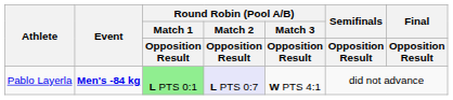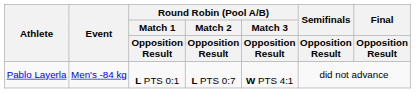 <table class="wikitable" border="1" style="font-size:90%">
 <tr>
 <th rowspan=3>Athlete</th>
 <th rowspan=3>Event</th>
 <th colspan=3>Round Robin (Pool A/B)</th>
 <th rowspan=2>Semifinals</th>
 <th rowspan=2>Final</th>
 </tr>
 <tr>
 <th>Match 1</th>
 <th>Match 2</th>
 <th>Match 3</th>
 </tr>
 <tr>
 <th>Opposition<br>Result</th>
 <th>Opposition<br>Result</th>
 <th>Opposition<br>Result</th>
 <th>Opposition<br>Result</th>
 <th>Opposition<br>Result</th>
 </tr>
 <tr>
 <td><a href='#'>Pablo Layerla</a></td>
-<td><strong><a href='#'>Men's -84 kg</a></strong></td>
-<td align=center style="background: lightgreen;"><br><strong>L</strong> PTS 0:1</td>
-<td align=center style="background: lavender;"><br><strong>L</strong> PTS 0:7</td>
+<td><a href='#'>Men's -84 kg</a></td>
+<td align=center><br><strong>L</strong> PTS 0:1</td>
+<td align=center><br><strong>L</strong> PTS 0:7</td>
 <td align=center><br><strong>W</strong> PTS 4:1</td>
 <td align="center" colspan="7">did not advance</td>
 </tr>
 </table>
